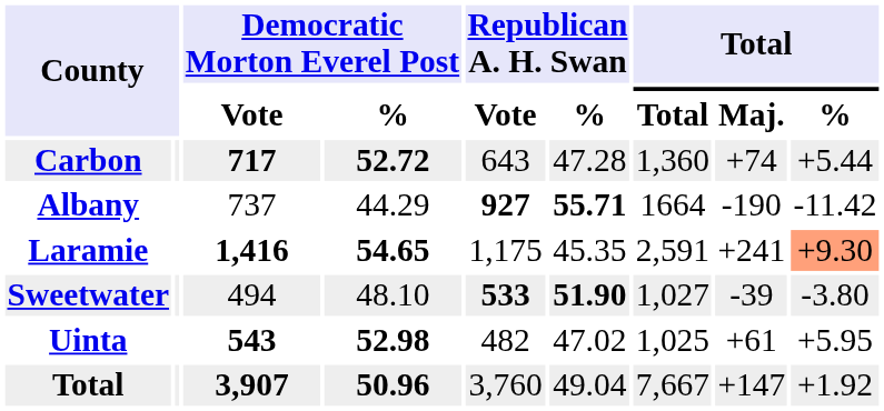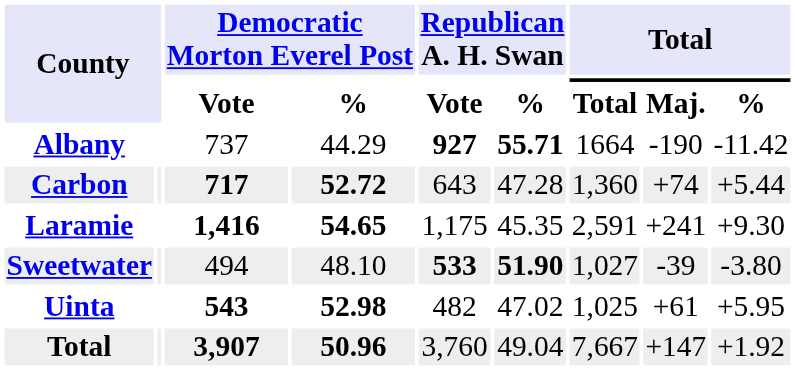 <table class="toccolours sortable" style="text-align:center;">
 <tr style="background:lavender">
 <th rowspan="3" colspan="2">County</th>
 <th colspan=2><a href='#'>Democratic</a><br><a href='#'>Morton Everel Post</a></th>
 <th colspan=2><a href='#'>Republican</a><br>A. H. Swan</th>
 <th colspan=3>Total</th>
 </tr>
 <tr>
 <th colspan=2 style="background-color:"></th>
 <th colspan=2 style="background-color:"></th>
 <th colspan=3 style="background-color:#000000"></th>
 </tr>
 <tr>
 <th align="center">Vote</th>
 <th align="center">%</th>
 <th align="center">Vote</th>
 <th align="center">%</th>
 <th align="center">Total</th>
 <th align="center">Maj.</th>
 <th align="center">%</th>
 </tr>
+<tr>
+<th><a href='#'>Albany</a></th>
+<td style="background-color:"></td>
+<td>737</td>
+<td>44.29</td>
+<td><strong>927</strong></td>
+<td><strong>55.71</strong></td>
+<td>1664</td>
+<td>-190</td>
+<td>-11.42</td>
+</tr>
 <tr style="background:#EEEEEE;">
 <th><a href='#'>Carbon</a></th>
 <td style="background-color:"></td>
 <td><strong>717</strong></td>
 <td><strong>52.72</strong></td>
 <td>643</td>
 <td>47.28</td>
 <td>1,360</td>
 <td>+74</td>
 <td>+5.44</td>
 </tr>
 <tr>
-<th><a href='#'>Albany</a></th>
-<td style="background-color:"></td>
-<td>737</td>
-<td>44.29</td>
-<td><strong>927</strong></td>
-<td><strong>55.71</strong></td>
-<td>1664</td>
-<td>-190</td>
-<td>-11.42</td>
-</tr>
-<tr>
 <th><a href='#'>Laramie</a></th>
 <td style="background-color:"></td>
 <td><strong>1,416</strong></td>
 <td><strong>54.65</strong></td>
 <td>1,175</td>
 <td>45.35</td>
 <td>2,591</td>
 <td>+241</td>
-<td style="background: lightsalmon;">+9.30</td>
+<td>+9.30</td>
 </tr>
 <tr style="background:#EEEEEE;">
 <th><a href='#'>Sweetwater</a></th>
 <td style="background-color:"></td>
 <td>494</td>
 <td>48.10</td>
 <td><strong>533</strong></td>
 <td><strong>51.90</strong></td>
 <td>1,027</td>
 <td>-39</td>
 <td>-3.80</td>
 </tr>
 <tr>
 <th><a href='#'>Uinta</a></th>
 <td style="background-color:"></td>
 <td><strong>543</strong></td>
 <td><strong>52.98</strong></td>
 <td>482</td>
 <td>47.02</td>
 <td>1,025</td>
 <td>+61</td>
 <td>+5.95</td>
 </tr>
 <tr style="background:#EEEEEE;">
 <th>Total</th>
 <td style="background-color:"></td>
 <td><strong>3,907</strong></td>
 <td><strong>50.96</strong></td>
 <td>3,760</td>
 <td>49.04</td>
 <td>7,667</td>
 <td>+147</td>
 <td>+1.92</td>
 </tr>
 </table>
